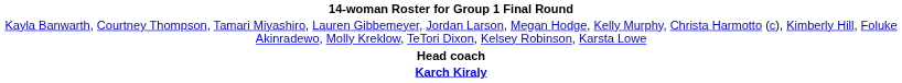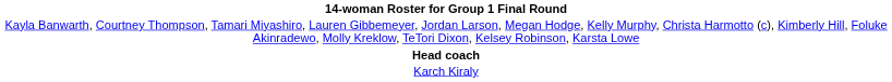 <table style="text-align: center; margin-top: 2em; margin-left: auto; margin-right: auto">
 <tr>
 <td><strong>14-woman Roster for Group 1 Final Round</strong></td>
 </tr>
 <tr>
 <td><a href='#'>Kayla Banwarth</a>, <a href='#'>Courtney Thompson</a>, <a href='#'>Tamari Miyashiro</a>, <a href='#'>Lauren Gibbemeyer</a>, <a href='#'>Jordan Larson</a>, <a href='#'>Megan Hodge</a>, <a href='#'>Kelly Murphy</a>, <a href='#'>Christa Harmotto</a> (<a href='#'>c</a>), <a href='#'>Kimberly Hill</a>, <a href='#'>Foluke Akinradewo</a>, <a href='#'>Molly Kreklow</a>, <a href='#'>TeTori Dixon</a>, <a href='#'>Kelsey Robinson</a>, <a href='#'>Karsta Lowe</a></td>
 </tr>
 <tr>
 <td><strong>Head coach</strong></td>
 </tr>
 <tr>
-<td><strong><a href='#'>Karch Kiraly</a></strong></td>
+<td><a href='#'>Karch Kiraly</a></td>
 </tr>
 </table>
